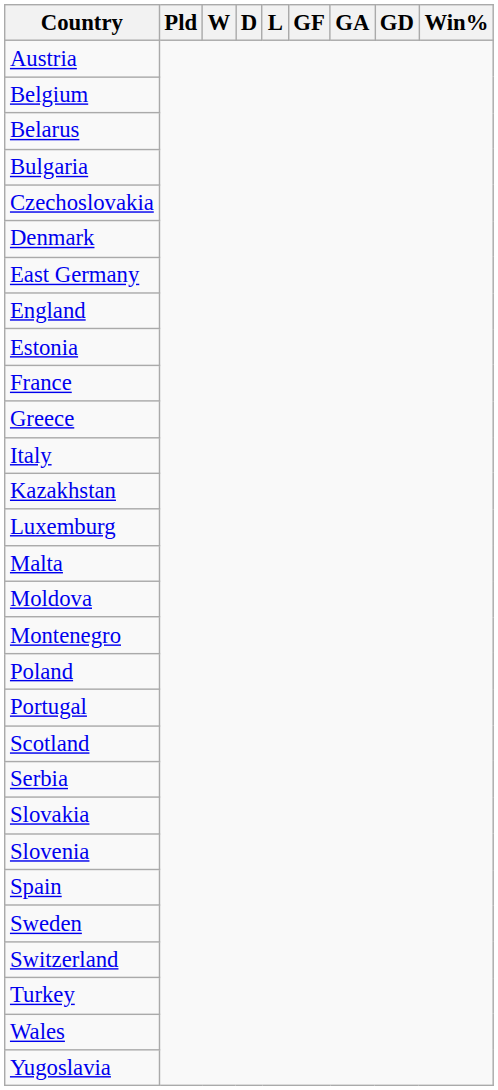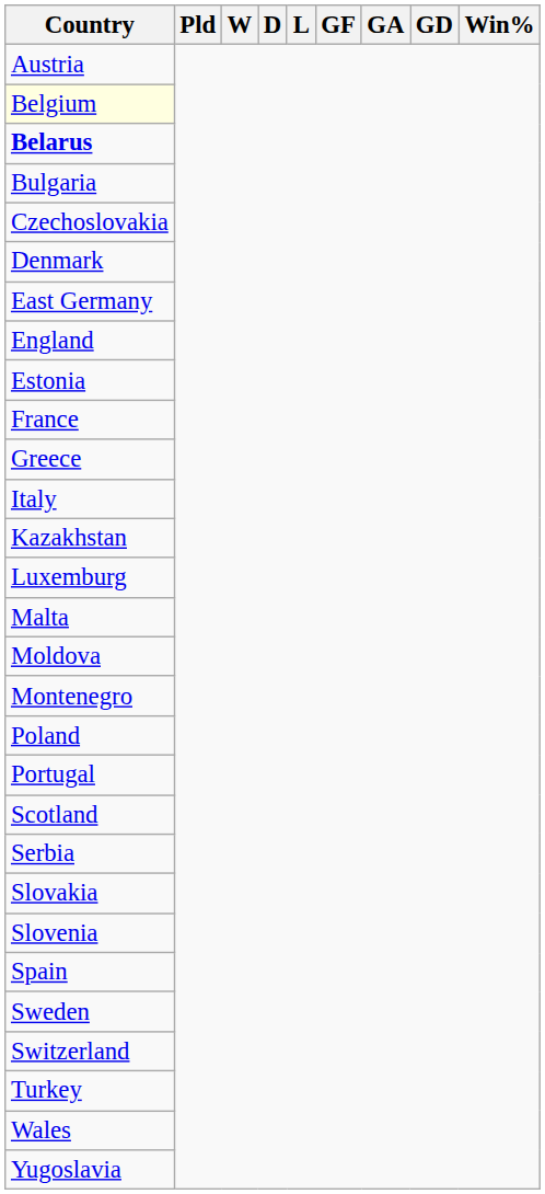 <table class="wikitable sortable" style="text-align:center">
 <tr>
 <th>Country</th>
 <th>Pld</th>
 <th>W</th>
 <th>D</th>
 <th>L</th>
 <th>GF</th>
 <th>GA</th>
 <th>GD</th>
 <th>Win%</th>
 </tr>
 <tr>
 <td align=left> <a href='#'>Austria</a><br></td>
 </tr>
 <tr>
-<td align=left> <a href='#'>Belgium</a><br></td>
+<td align=left style="background: lightyellow;"> <a href='#'>Belgium</a><br></td>
 </tr>
 <tr>
-<td align=left> <a href='#'>Belarus</a><br></td>
+<td align=left><strong> <a href='#'>Belarus</a><br></strong></td>
 </tr>
 <tr>
 <td align=left> <a href='#'>Bulgaria</a><br></td>
 </tr>
 <tr>
 <td align=left> <a href='#'>Czechoslovakia</a><br></td>
 </tr>
 <tr>
 <td align=left> <a href='#'>Denmark</a><br></td>
 </tr>
 <tr>
 <td align=left> <a href='#'>East Germany</a><br></td>
 </tr>
 <tr>
 <td align=left> <a href='#'>England</a><br></td>
 </tr>
 <tr>
 <td align=left> <a href='#'>Estonia</a><br></td>
 </tr>
 <tr>
 <td align=left> <a href='#'>France</a><br></td>
 </tr>
 <tr>
 <td align=left> <a href='#'>Greece</a><br></td>
 </tr>
 <tr>
 <td align=left> <a href='#'>Italy</a><br></td>
 </tr>
 <tr>
 <td align=left> <a href='#'>Kazakhstan</a><br></td>
 </tr>
 <tr>
 <td align=left> <a href='#'>Luxemburg</a><br></td>
 </tr>
 <tr>
 <td align=left> <a href='#'>Malta</a><br></td>
 </tr>
 <tr>
 <td align=left> <a href='#'>Moldova</a><br></td>
 </tr>
 <tr>
 <td align=left> <a href='#'>Montenegro</a><br></td>
 </tr>
 <tr>
 <td align=left> <a href='#'>Poland</a><br></td>
 </tr>
 <tr>
 <td align=left> <a href='#'>Portugal</a><br></td>
 </tr>
 <tr>
 <td align=left> <a href='#'>Scotland</a><br></td>
 </tr>
 <tr>
 <td align=left> <a href='#'>Serbia</a><br></td>
 </tr>
 <tr>
 <td align=left> <a href='#'>Slovakia</a><br></td>
 </tr>
 <tr>
 <td align=left> <a href='#'>Slovenia</a><br></td>
 </tr>
 <tr>
 <td align=left> <a href='#'>Spain</a><br></td>
 </tr>
 <tr>
 <td align=left> <a href='#'>Sweden</a><br></td>
 </tr>
 <tr>
 <td align=left> <a href='#'>Switzerland</a><br></td>
 </tr>
 <tr>
 <td align=left> <a href='#'>Turkey</a><br></td>
 </tr>
 <tr>
 <td align=left> <a href='#'>Wales</a><br></td>
 </tr>
 <tr>
 <td align=left> <a href='#'>Yugoslavia</a><br></td>
 </tr>
 </table>
